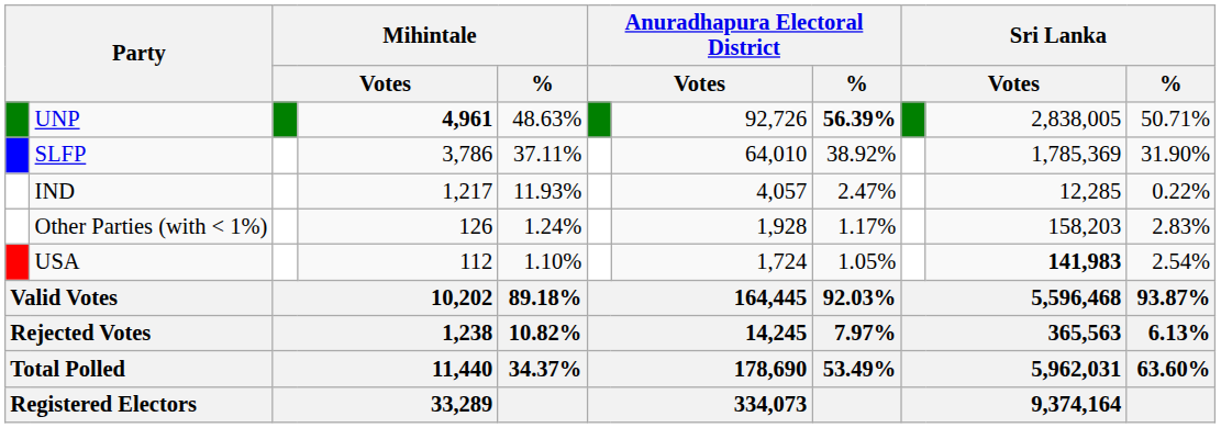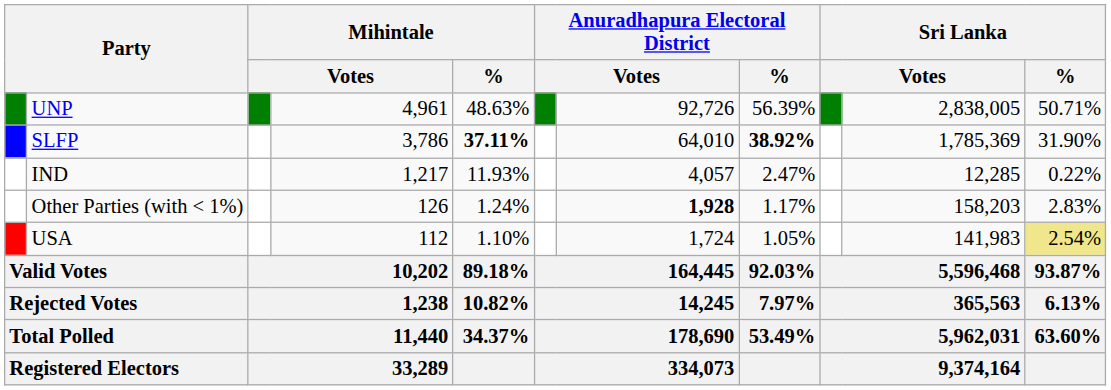 <table class="wikitable">
 <tr>
 <th colspan="2" width="144px"rowspan="2">Party</th>
 <th colspan="3" width="216px">Mihintale</th>
 <th colspan="3" width="216px"><a href='#'>Anuradhapura Electoral District</a></th>
 <th colspan="3" width="216px">Sri Lanka</th>
 </tr>
 <tr>
 <th colspan="2" width="144px">Votes</th>
 <th>%</th>
 <th colspan="2" width="144px">Votes</th>
 <th>%</th>
 <th colspan="2" width="144px">Votes</th>
 <th>%</th>
 </tr>
 <tr>
 <td style="background-color:green;" width="10px"></td>
 <td style="text-align:left;"><a href='#'>UNP</a></td>
 <td style="background-color:green;" width="10px"></td>
-<td style="text-align:right;"><strong>4,961</strong></td>
+<td style="text-align:right;">4,961</td>
 <td style="text-align:right;">48.63%</td>
 <td style="background-color:green;" width="10px"></td>
 <td style="text-align:right;">92,726</td>
-<td style="text-align:right;"><strong>56.39%</strong></td>
+<td style="text-align:right;">56.39%</td>
 <td style="background-color:green;" width="10px"></td>
 <td style="text-align:right;">2,838,005</td>
 <td style="text-align:right;">50.71%</td>
 </tr>
 <tr>
 <td style="background-color:blue;" width="10px"></td>
 <td style="text-align:left;"><a href='#'>SLFP</a></td>
 <td style="background-color:white;" width="10px"></td>
 <td style="text-align:right;">3,786</td>
-<td style="text-align:right;">37.11%</td>
+<td style="text-align:right;"><strong>37.11%</strong></td>
 <td style="background-color:white;" width="10px"></td>
 <td style="text-align:right;">64,010</td>
-<td style="text-align:right;">38.92%</td>
+<td style="text-align:right;"><strong>38.92%</strong></td>
 <td style="background-color:white;" width="10px"></td>
 <td style="text-align:right;">1,785,369</td>
 <td style="text-align:right;">31.90%</td>
 </tr>
 <tr>
 <td style="background-color:white;" width="10px"></td>
 <td style="text-align:left;">IND</td>
 <td style="background-color:white;" width="10px"></td>
 <td style="text-align:right;">1,217</td>
 <td style="text-align:right;">11.93%</td>
 <td style="background-color:white;" width="10px"></td>
 <td style="text-align:right;">4,057</td>
 <td style="text-align:right;">2.47%</td>
 <td style="background-color:white;" width="10px"></td>
 <td style="text-align:right;">12,285</td>
 <td style="text-align:right;">0.22%</td>
 </tr>
 <tr>
 <td style="background-color:white;" width="10px"></td>
 <td style="text-align:left;">Other Parties (with < 1%)</td>
 <td style="background-color:white;" width="10px"></td>
 <td style="text-align:right;">126</td>
 <td style="text-align:right;">1.24%</td>
 <td style="background-color:white;" width="10px"></td>
-<td style="text-align:right;">1,928</td>
+<td style="text-align:right;"><strong>1,928</strong></td>
 <td style="text-align:right;">1.17%</td>
 <td style="background-color:white;" width="10px"></td>
 <td style="text-align:right;">158,203</td>
 <td style="text-align:right;">2.83%</td>
 </tr>
 <tr>
 <td style="background-color:red;" width="10px"></td>
 <td style="text-align:left;">USA</td>
 <td style="background-color:white;" width="10px"></td>
 <td style="text-align:right;">112</td>
 <td style="text-align:right;">1.10%</td>
 <td style="background-color:white;" width="10px"></td>
 <td style="text-align:right;">1,724</td>
 <td style="text-align:right;">1.05%</td>
 <td style="background-color:white;" width="10px"></td>
-<td style="text-align:right;"><strong>141,983</strong></td>
-<td style="text-align:right;">2.54%</td>
+<td style="text-align:right;">141,983</td>
+<td style="background: khaki; text-align:right;">2.54%</td>
 </tr>
 <tr>
 <th colspan="2" width="144px"style="text-align:left;">Valid Votes</th>
 <th style="text-align:right;"colspan="2" width="144px">10,202</th>
 <th style="text-align:right;">89.18%</th>
 <th style="text-align:right;"colspan="2" width="144px">164,445</th>
 <th style="text-align:right;">92.03%</th>
 <th style="text-align:right;"colspan="2" width="144px">5,596,468</th>
 <th style="text-align:right;">93.87%</th>
 </tr>
 <tr>
 <th colspan="2" width="144px"style="text-align:left;">Rejected Votes</th>
 <th style="text-align:right;"colspan="2" width="144px">1,238</th>
 <th style="text-align:right;">10.82%</th>
 <th style="text-align:right;"colspan="2" width="144px">14,245</th>
 <th style="text-align:right;">7.97%</th>
 <th style="text-align:right;"colspan="2" width="144px">365,563</th>
 <th style="text-align:right;">6.13%</th>
 </tr>
 <tr>
 <th colspan="2" width="144px"style="text-align:left;">Total Polled</th>
 <th style="text-align:right;"colspan="2" width="144px">11,440</th>
 <th style="text-align:right;">34.37%</th>
 <th style="text-align:right;"colspan="2" width="144px">178,690</th>
 <th style="text-align:right;">53.49%</th>
 <th style="text-align:right;"colspan="2" width="144px">5,962,031</th>
 <th style="text-align:right;">63.60%</th>
 </tr>
 <tr>
 <th colspan="2" width="144px"style="text-align:left;">Registered Electors</th>
 <th style="text-align:right;"colspan="2" width="144px">33,289</th>
 <th></th>
 <th style="text-align:right;"colspan="2" width="144px">334,073</th>
 <th></th>
 <th style="text-align:right;"colspan="2" width="144px">9,374,164</th>
 <th></th>
 </tr>
 </table>
